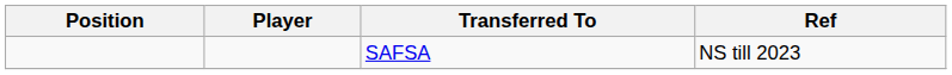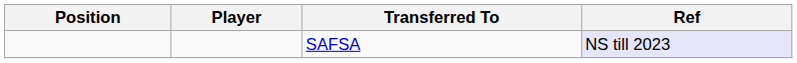 <table class="wikitable sortable" style="width:60%; text-align:center; font-size:100%; text-align:left;">
 <tr>
 <th><strong>Position</strong></th>
 <th><strong>Player</strong></th>
 <th><strong>Transferred To</strong></th>
 <th><strong>Ref</strong></th>
 </tr>
 <tr>
 <td></td>
 <td></td>
 <td> <a href='#'>SAFSA</a></td>
-<td>NS till 2023</td>
+<td style="background: lavender;">NS till 2023</td>
 </tr>
 <tr>
 </tr>
 </table>
